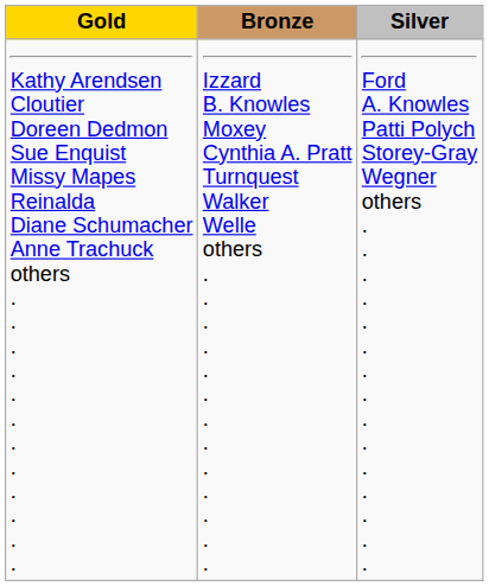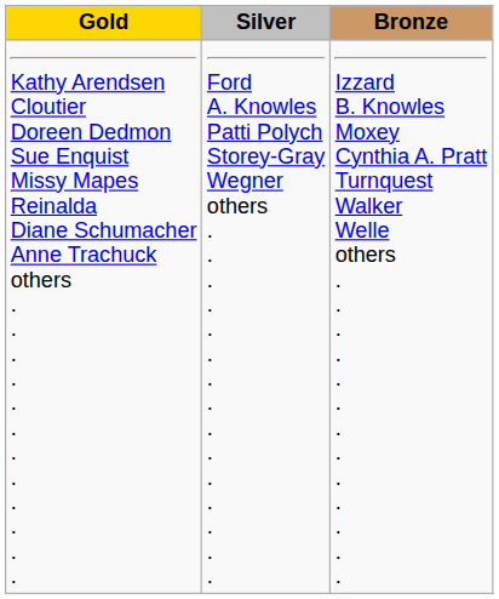 <table class="wikitable">
 <tr>
 <td style="text-align:center;background-color:gold;"><strong>Gold</strong></td>
+<td style="text-align:center;background-color:silver;"><strong>Silver</strong></td>
 <td style="text-align:center;background-color:#CC9966;"><strong>Bronze</strong></td>
-<td style="text-align:center;background-color:silver;"><strong>Silver</strong></td>
 </tr>
 <tr>
 <td><hr><a href='#'>Kathy Arendsen</a><br><a href='#'> Cloutier</a><br><a href='#'>Doreen Dedmon</a><br><a href='#'>Sue Enquist</a><br><a href='#'>Missy Mapes</a><br><a href='#'> Reinalda</a><br><a href='#'>Diane Schumacher</a><br><a href='#'>Anne Trachuck</a><br>others<br>.<br>.<br>.<br>.<br>.<br>.<br>.<br>.<br>.<br>.<br>.<br>.<br></td>
+<td><hr><a href='#'> Ford</a><br><a href='#'>A. Knowles</a><br><a href='#'>Patti Polych</a><br><a href='#'> Storey-Gray</a><br><a href='#'> Wegner</a><br>others<br>.<br>.<br>.<br>.<br>.<br>.<br>.<br>.<br>.<br>.<br>.<br>.<br>.<br>.<br>.<br></td>
 <td><hr><a href='#'> Izzard</a><br><a href='#'>B. Knowles</a><br><a href='#'> Moxey</a><br><a href='#'>Cynthia A. Pratt</a><br><a href='#'> Turnquest</a><br><a href='#'> Walker</a><br><a href='#'> Welle</a><br>others<br>.<br>.<br>.<br>.<br>.<br>.<br>.<br>.<br>.<br>.<br>.<br>.<br>.<br></td>
-<td><hr><a href='#'> Ford</a><br><a href='#'>A. Knowles</a><br><a href='#'>Patti Polych</a><br><a href='#'> Storey-Gray</a><br><a href='#'> Wegner</a><br>others<br>.<br>.<br>.<br>.<br>.<br>.<br>.<br>.<br>.<br>.<br>.<br>.<br>.<br>.<br>.<br></td>
 </tr>
 </table>
